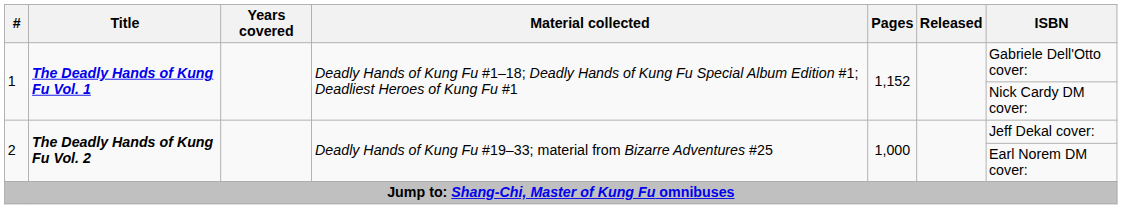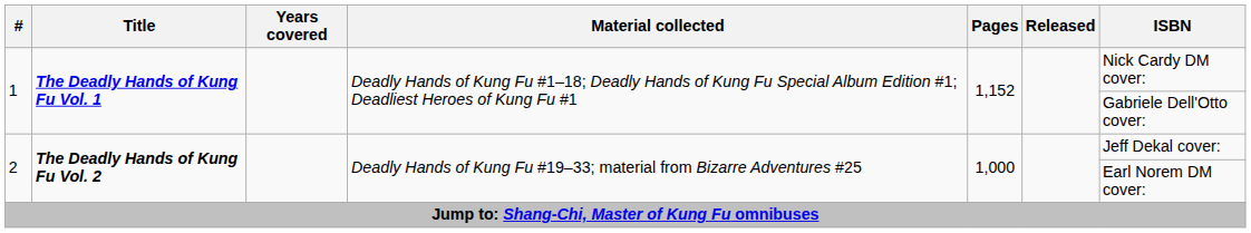 <table class="wikitable sortable" width="99%">
 <tr>
 <th class="unsortable" width="20px">#</th>
 <th>Title</th>
 <th>Years covered</th>
 <th class="unsortable">Material collected</th>
 <th>Pages</th>
 <th>Released</th>
 <th class="unsortable">ISBN</th>
 </tr>
 <tr>
 <td rowspan="2">1</td>
 <td rowspan="2"><strong><em><a href='#'>The Deadly Hands of Kung Fu Vol. 1</a></em></strong></td>
 <td rowspan="2"></td>
 <td rowspan="2"><em>Deadly Hands of Kung Fu</em> #1–18; <em>Deadly Hands of Kung Fu Special Album Edition</em> #1; <em>Deadliest Heroes of Kung Fu</em> #1</td>
 <td rowspan="2" style="text-align: center;">1,152</td>
 <td rowspan="2"></td>
-<td>Gabriele Dell'Otto cover: </td>
+<td>Nick Cardy DM cover: </td>
 </tr>
 <tr>
-<td>Nick Cardy DM cover: </td>
+<td>Gabriele Dell'Otto cover: </td>
 </tr>
 <tr>
 <td rowspan="2">2</td>
 <td rowspan="2"><strong><em>The Deadly Hands of Kung Fu Vol. 2</em></strong></td>
 <td rowspan="2"></td>
 <td rowspan="2"><em>Deadly Hands of Kung Fu</em> #19–33; material from <em>Bizarre Adventures</em> #25</td>
 <td rowspan="2" style="text-align: center;">1,000</td>
 <td rowspan="2"></td>
 <td>Jeff Dekal cover: </td>
 </tr>
 <tr>
 <td>Earl Norem DM cover: </td>
 </tr>
 <tr>
 <th colspan="7" style="background-color: silver;">Jump to: <a href='#'><em>Shang-Chi, Master of Kung Fu</em> omnibuses</a></th>
 </tr>
 </table>
